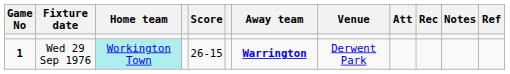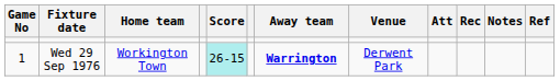 <table class="wikitable" style="text-align:center;">
 <tr>
 <th width=20 abbr="No">Game No</th>
 <th width=100 abbr="Date">Fixture date</th>
 <th width=150 abbr="Home team">Home team</th>
 <th width=5 abbr="space"></th>
 <th width=20 abbr="Score">Score</th>
 <th width=5 abbr="space"></th>
 <th width=150 abbr="Away team">Away team</th>
 <th width=150 abbr="Venue">Venue</th>
 <th width=30 abbr="Att">Att</th>
 <th width=30 abbr="Rec">Rec</th>
 <th width=20 abbr="Notes">Notes</th>
 <th width=30 abbr="Ref">Ref</th>
 </tr>
 <tr>
 <td></td>
 <td></td>
 <td></td>
 <td></td>
 <td></td>
 <td></td>
 <td></td>
 <td></td>
 <td></td>
 <td></td>
 <td></td>
 </tr>
 <tr>
-<td><strong>1</strong></td>
+<td>1</td>
 <td>Wed 29 Sep 1976</td>
-<td style="background: paleturquoise;"><a href='#'>Workington Town</a></td>
+<td><a href='#'>Workington Town</a></td>
 <td></td>
-<td>26-15</td>
+<td style="background: paleturquoise;">26-15</td>
 <td></td>
 <td><strong><a href='#'>Warrington</a></strong></td>
 <td><a href='#'>Derwent Park</a></td>
 <td></td>
 <td></td>
 <td></td>
 <td></td>
 </tr>
 </table>
